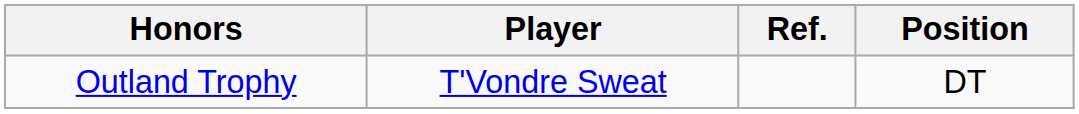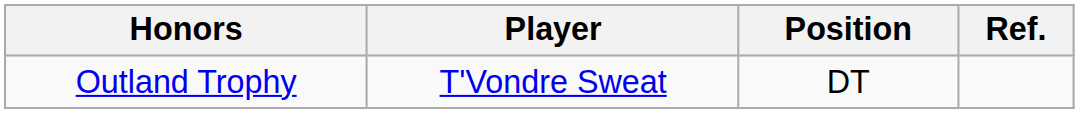 <table class="wikitable" style="width: 60%;text-align: center;">
 <tr>
 <th>Honors</th>
 <th>Player</th>
+<th>Position</th>
 <th>Ref.</th>
-<th>Position</th>
 </tr>
 <tr align="center">
 <td><a href='#'>Outland Trophy</a></td>
 <td><a href='#'>T'Vondre Sweat</a></td>
+<td>DT</td>
 <td></td>
-<td>DT</td>
 </tr>
 </table>
